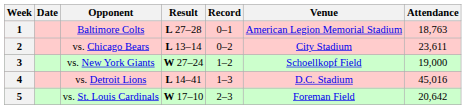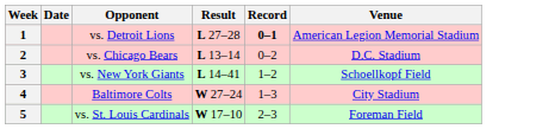 <table class="wikitable" style="text-align:center">
 <tr>
 <th>Week</th>
 <th>Date</th>
 <th>Opponent</th>
 <th>Result</th>
 <th>Record</th>
 <th>Venue</th>
-<th>Attendance</th>
 </tr>
 <tr style="background:#fcc;">
 <th>1</th>
 <td></td>
-<td><a href='#'>Baltimore Colts</a></td>
+<td>vs. <a href='#'>Detroit Lions</a></td>
 <td><strong>L</strong> 27–28</td>
-<td>0–1</td>
+<td><strong>0–1</strong></td>
 <td><a href='#'>American Legion Memorial Stadium</a> </td>
-<td>18,763</td>
 </tr>
 <tr style="background:#fcc;">
 <th>2</th>
 <td></td>
 <td>vs. <a href='#'>Chicago Bears</a></td>
 <td><strong>L</strong> 13–14</td>
 <td>0–2</td>
-<td><a href='#'>City Stadium</a> </td>
-<td>23,611</td>
+<td><a href='#'>D.C. Stadium</a></td>
 </tr>
 <tr style="background:#cfc;">
 <th>3</th>
 <td></td>
 <td>vs. <a href='#'>New York Giants</a></td>
-<td><strong>W</strong> 27–24</td>
+<td><strong>L</strong> 14–41</td>
 <td>1–2</td>
 <td><a href='#'>Schoellkopf Field</a> </td>
-<td>19,000</td>
 </tr>
 <tr style="background:#fcc;">
 <th>4</th>
 <td></td>
-<td>vs. <a href='#'>Detroit Lions</a></td>
-<td><strong>L</strong> 14–41</td>
+<td><a href='#'>Baltimore Colts</a></td>
+<td><strong>W</strong> 27–24</td>
 <td>1–3</td>
-<td><a href='#'>D.C. Stadium</a></td>
-<td>45,016</td>
+<td><a href='#'>City Stadium</a> </td>
 </tr>
 <tr style="background:#cfc;">
 <th>5</th>
 <td></td>
 <td>vs. <a href='#'>St. Louis Cardinals</a></td>
 <td><strong>W</strong> 17–10</td>
 <td>2–3</td>
 <td><a href='#'>Foreman Field</a> </td>
-<td>20,642</td>
 </tr>
 </table>
